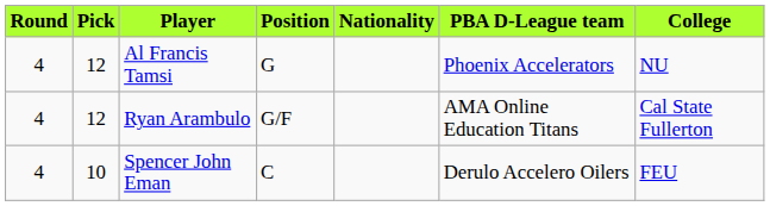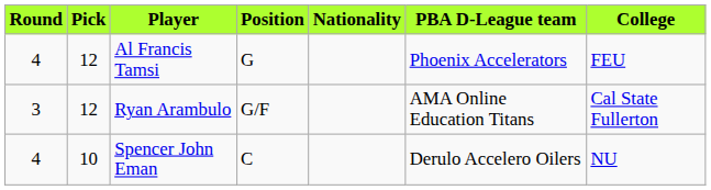 <table class="wikitable sortable sortable">
 <tr>
 <th style="background:#ADFF2F; color:#000000; ">Round</th>
 <th style="background:#ADFF2F; color:#000000; ">Pick</th>
 <th style="background:#ADFF2F; color:#000000; ">Player</th>
 <th style="background:#ADFF2F; color:#000000; ">Position</th>
 <th style="background:#ADFF2F; color:#000000; ">Nationality</th>
 <th style="background:#ADFF2F; color:#000000; ">PBA D-League team</th>
 <th style="background:#ADFF2F; color:#000000; ">College</th>
 </tr>
 <tr>
 <td align=center>4</td>
 <td align=center>12</td>
 <td><a href='#'>Al Francis Tamsi</a></td>
 <td>G</td>
 <td></td>
 <td><a href='#'>Phoenix Accelerators</a></td>
-<td><a href='#'>NU</a></td>
+<td><a href='#'>FEU</a></td>
 </tr>
 <tr>
-<td align=center>4</td>
+<td align=center>3</td>
 <td align=center>12</td>
 <td><a href='#'>Ryan Arambulo</a></td>
 <td>G/F</td>
 <td></td>
 <td>AMA Online Education Titans</td>
 <td><a href='#'>Cal State Fullerton</a></td>
 </tr>
 <tr>
 <td align=center>4</td>
 <td align=center>10</td>
 <td><a href='#'>Spencer John Eman</a></td>
 <td>C</td>
 <td></td>
 <td>Derulo Accelero Oilers</td>
-<td><a href='#'>FEU</a></td>
+<td><a href='#'>NU</a></td>
 </tr>
 </table>
